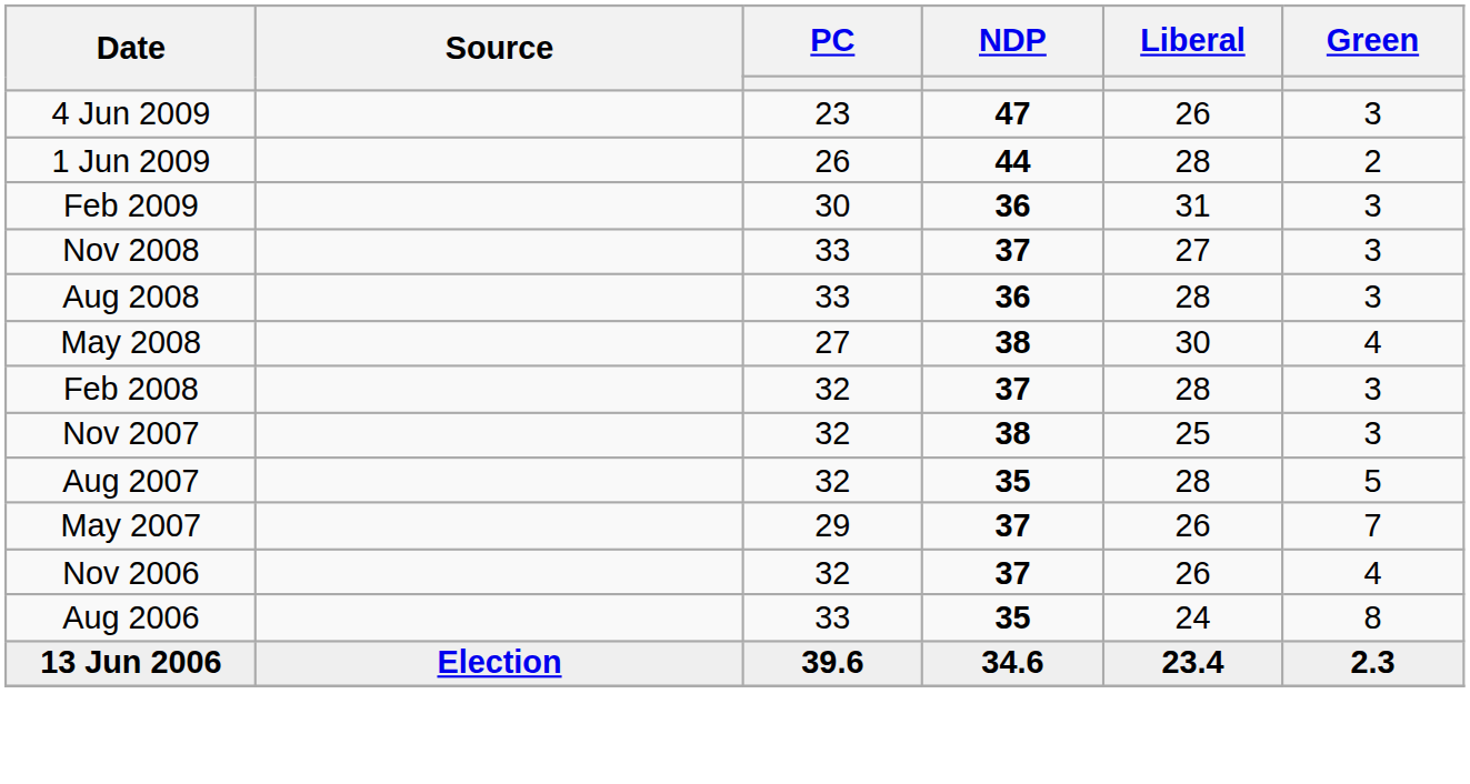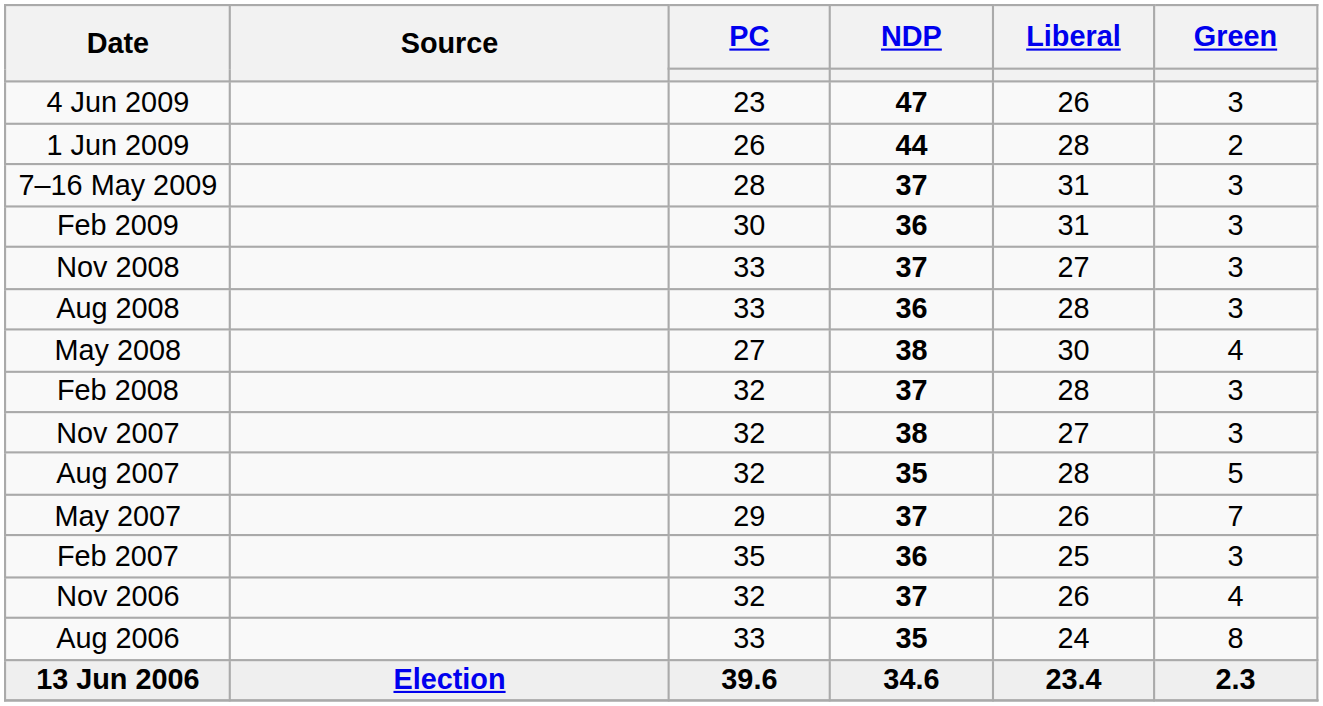 <table Class="wikitable" style="text-align:center;font-size:85%;line-height:13px">
 <tr style="height:30px; background-color:#E9E9E9">
 <th style="width:100px;" rowspan="2">Date</th>
 <th style="width:200px;" rowspan="2">Source</th>
 <th style="width:70px;"><a href='#'>PC</a></th>
 <th style="width:70px;"><a href='#'>NDP</a></th>
 <th style="width:70px;"><a href='#'>Liberal</a></th>
 <th style="width:70px;"><a href='#'>Green</a></th>
 </tr>
 <tr>
 <th style="background:"></th>
 <th style="background:"></th>
 <th style="background:"></th>
 <th style="background:"></th>
 </tr>
 <tr>
 <td>4 Jun 2009</td>
 <td></td>
 <td>23</td>
 <td><strong>47</strong></td>
 <td>26</td>
 <td>3</td>
 </tr>
 <tr>
 <td>1 Jun 2009</td>
 <td></td>
 <td>26</td>
 <td><strong>44</strong></td>
 <td>28</td>
 <td>2</td>
+</tr>
+<tr>
+<td>7–16 May 2009</td>
+<td></td>
+<td>28</td>
+<td><strong>37</strong></td>
+<td>31</td>
+<td>3</td>
 </tr>
 <tr>
 <td>Feb 2009</td>
 <td></td>
 <td>30</td>
 <td><strong>36</strong></td>
 <td>31</td>
 <td>3</td>
 </tr>
 <tr>
 <td>Nov 2008</td>
 <td></td>
 <td>33</td>
 <td><strong>37</strong></td>
 <td>27</td>
 <td>3</td>
 </tr>
 <tr>
 <td>Aug 2008</td>
 <td></td>
 <td>33</td>
 <td><strong>36</strong></td>
 <td>28</td>
 <td>3</td>
 </tr>
 <tr>
 <td>May 2008</td>
 <td></td>
 <td>27</td>
 <td><strong>38</strong></td>
 <td>30</td>
 <td>4</td>
 </tr>
 <tr>
 <td>Feb 2008</td>
 <td></td>
 <td>32</td>
 <td><strong>37</strong></td>
 <td>28</td>
 <td>3</td>
 </tr>
 <tr>
 <td>Nov 2007</td>
 <td></td>
 <td>32</td>
 <td><strong>38</strong></td>
-<td>25</td>
+<td>27</td>
 <td>3</td>
 </tr>
 <tr>
 <td>Aug 2007</td>
 <td></td>
 <td>32</td>
 <td><strong>35</strong></td>
 <td>28</td>
 <td>5</td>
 </tr>
 <tr>
 <td>May 2007</td>
 <td></td>
 <td>29</td>
 <td><strong>37</strong></td>
 <td>26</td>
 <td>7</td>
+</tr>
+<tr>
+<td>Feb 2007</td>
+<td></td>
+<td>35</td>
+<td><strong>36</strong></td>
+<td>25</td>
+<td>3</td>
 </tr>
 <tr>
 <td>Nov 2006</td>
 <td></td>
 <td>32</td>
 <td><strong>37</strong></td>
 <td>26</td>
 <td>4</td>
 </tr>
 <tr>
 <td>Aug 2006</td>
 <td></td>
 <td>33</td>
 <td><strong>35</strong></td>
 <td>24</td>
 <td>8</td>
 </tr>
 <tr style="background:#EFEFEF; font-weight:bold;">
 <td>13 Jun 2006</td>
 <td><a href='#'>Election</a></td>
 <td><strong>39.6</strong></td>
 <td>34.6</td>
 <td>23.4</td>
 <td>2.3</td>
 </tr>
 <tr>
 </tr>
 </table>
